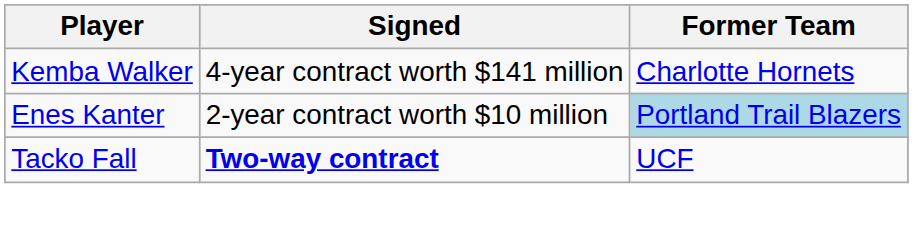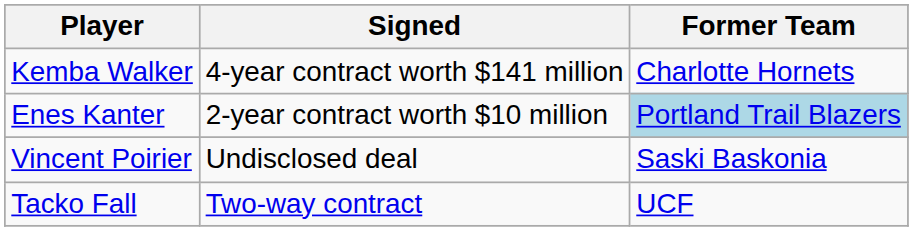 <table class="wikitable">
 <tr>
 <th>Player</th>
 <th>Signed</th>
 <th>Former Team</th>
 </tr>
 <tr>
 <td><a href='#'>Kemba Walker</a></td>
 <td>4-year contract worth $141 million</td>
 <td><a href='#'>Charlotte Hornets</a></td>
 </tr>
 <tr>
 <td><a href='#'>Enes Kanter</a></td>
 <td>2-year contract worth $10 million</td>
 <td style="background: lightblue;"><a href='#'>Portland Trail Blazers</a></td>
 </tr>
 <tr>
+<td><a href='#'>Vincent Poirier</a></td>
+<td>Undisclosed deal</td>
+<td><a href='#'>Saski Baskonia</a></td>
+</tr>
+<tr>
 <td><a href='#'>Tacko Fall</a></td>
-<td><strong><a href='#'>Two-way contract</a></strong></td>
+<td><a href='#'>Two-way contract</a></td>
 <td><a href='#'>UCF</a></td>
 </tr>
 </table>
